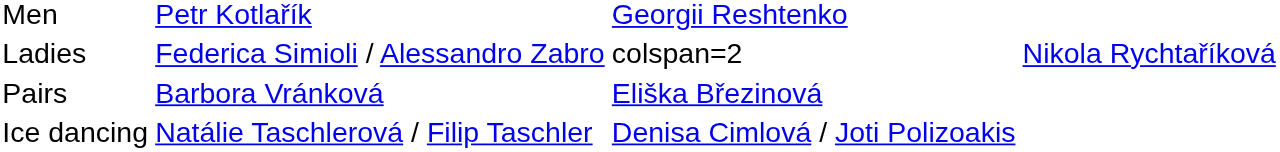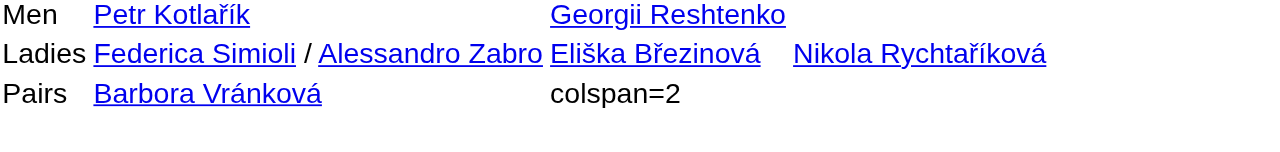 <table>
 <tr>
 <td>Men</td>
 <td><a href='#'>Petr Kotlařík</a></td>
 <td><a href='#'>Georgii Reshtenko</a></td>
 <td></td>
 </tr>
 <tr>
 <td>Ladies</td>
 <td><a href='#'>Federica Simioli</a> / <a href='#'>Alessandro Zabro</a></td>
-<td>colspan=2</td>
+<td><a href='#'>Eliška Březinová</a></td>
 <td><a href='#'>Nikola Rychtaříková</a></td>
 </tr>
 <tr>
 <td>Pairs</td>
 <td><a href='#'>Barbora Vránková</a></td>
-<td><a href='#'>Eliška Březinová</a></td>
-</tr>
-<tr>
-<td>Ice dancing</td>
-<td><a href='#'>Natálie Taschlerová</a> / <a href='#'>Filip Taschler</a></td>
-<td><a href='#'>Denisa Cimlová</a> / <a href='#'>Joti Polizoakis</a></td>
-<td></td>
+<td>colspan=2</td>
 </tr>
 </table>
